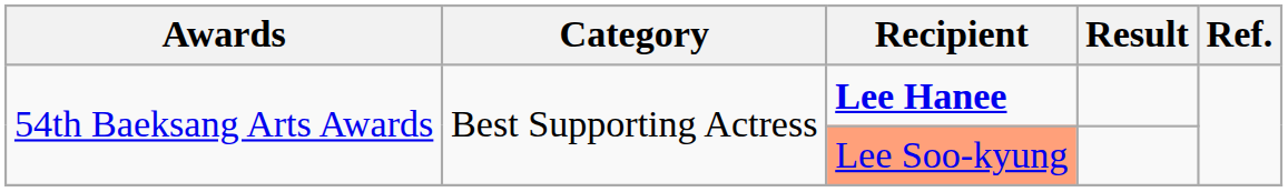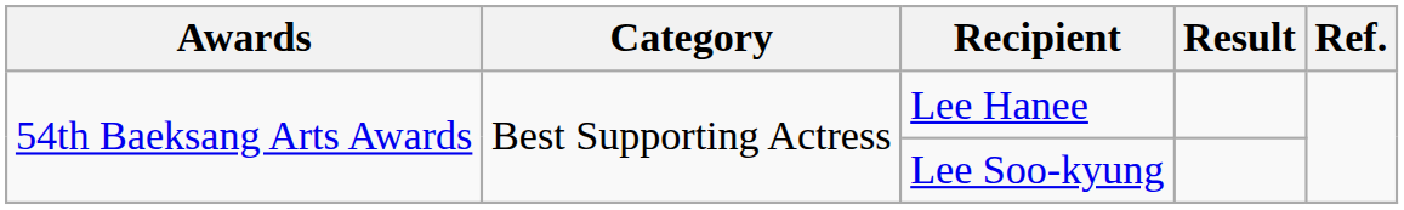 <table class="wikitable">
 <tr>
 <th>Awards</th>
 <th>Category</th>
 <th>Recipient</th>
 <th>Result</th>
 <th>Ref.</th>
 </tr>
 <tr>
 <td rowspan=2><a href='#'>54th Baeksang Arts Awards</a></td>
 <td rowspan=2>Best Supporting Actress</td>
-<td><strong><a href='#'>Lee Hanee</a></strong></td>
+<td><a href='#'>Lee Hanee</a></td>
 <td></td>
 <td rowspan=2></td>
 </tr>
 <tr>
-<td style="background: lightsalmon;"><a href='#'>Lee Soo-kyung</a></td>
+<td><a href='#'>Lee Soo-kyung</a></td>
 <td></td>
 </tr>
 <tr>
 </tr>
 </table>
